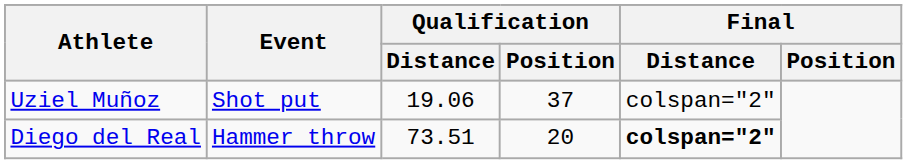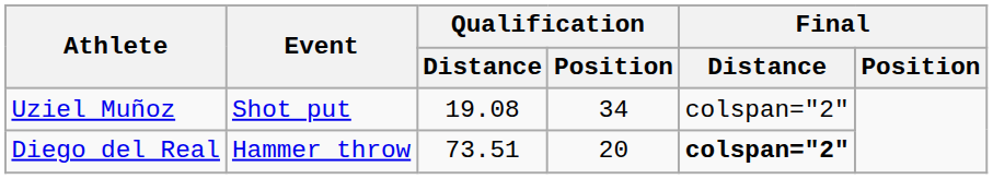 <table class="wikitable" style="font-size:90%">
 <tr>
 <th rowspan="2">Athlete</th>
 <th rowspan="2">Event</th>
 <th colspan="2">Qualification</th>
 <th colspan="2">Final</th>
 </tr>
 <tr>
 <th>Distance</th>
 <th>Position</th>
 <th>Distance</th>
 <th>Position</th>
 </tr>
 <tr style=text-align:center>
 <td style=text-align:left><a href='#'>Uziel Muñoz</a></td>
 <td style=text-align:left><a href='#'>Shot put</a></td>
-<td>19.06</td>
-<td>37</td>
+<td>19.08</td>
+<td>34</td>
 <td>colspan="2" </td>
 </tr>
 <tr style=text-align:center>
 <td style=text-align:left><a href='#'>Diego del Real</a></td>
 <td style=text-align:left><a href='#'>Hammer throw</a></td>
 <td>73.51</td>
 <td>20</td>
 <td><strong>colspan="2" </strong></td>
 </tr>
 </table>
